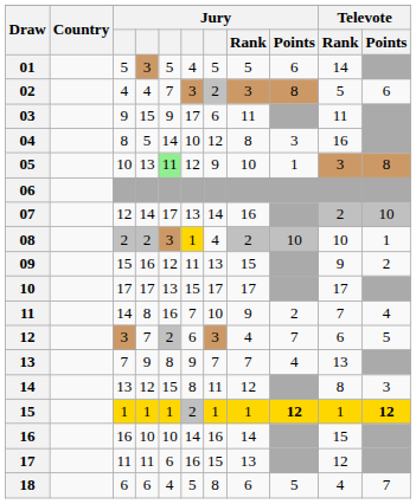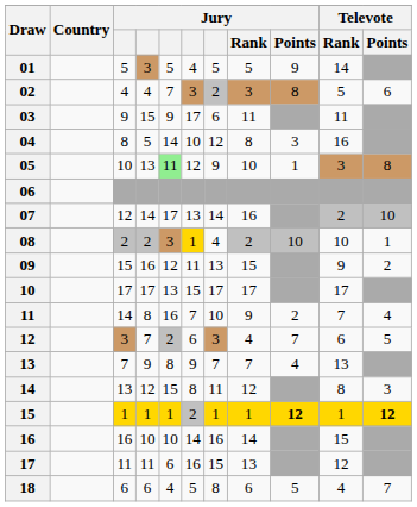 <table class="sortable wikitable collapsible plainrowheaders" style="text-align:center;">
 <tr>
 </tr>
 <tr>
 <th scope="col" rowspan="2">Draw</th>
 <th scope="col" rowspan="2">Country</th>
 <th scope="col" colspan="7">Jury</th>
 <th scope="col" colspan="2">Televote</th>
 </tr>
 <tr>
 <th scope="col"><small></small></th>
 <th scope="col"><small></small></th>
 <th scope="col"><small></small></th>
 <th scope="col"><small></small></th>
 <th scope="col"><small></small></th>
 <th scope="col">Rank</th>
 <th scope="col">Points</th>
 <th scope="col">Rank</th>
 <th scope="col">Points</th>
 </tr>
 <tr>
 <th scope="row" style="text-align:center;">01</th>
 <td style="text-align:left;"></td>
 <td>5</td>
 <td style="background:#CC9966;">3</td>
 <td>5</td>
 <td>4</td>
 <td>5</td>
 <td>5</td>
-<td>6</td>
+<td>9</td>
 <td>14</td>
 <td style="background:#AAAAAA;"></td>
 </tr>
 <tr>
 <th scope="row" style="text-align:center;">02</th>
 <td style="text-align:left;"></td>
 <td>4</td>
 <td>4</td>
 <td>7</td>
 <td style="background:#CC9966;">3</td>
 <td style="background:silver;">2</td>
 <td style="background:#CC9966;">3</td>
 <td style="background:#CC9966;">8</td>
 <td>5</td>
 <td>6</td>
 </tr>
 <tr>
 <th scope="row" style="text-align:center;">03</th>
 <td style="text-align:left;"></td>
 <td>9</td>
 <td>15</td>
 <td>9</td>
 <td>17</td>
 <td>6</td>
 <td>11</td>
 <td style="background:#AAAAAA;"></td>
 <td>11</td>
 <td style="background:#AAAAAA;"></td>
 </tr>
 <tr>
 <th scope="row" style="text-align:center;">04</th>
 <td style="text-align:left;"></td>
 <td>8</td>
 <td>5</td>
 <td>14</td>
 <td>10</td>
 <td>12</td>
 <td>8</td>
 <td>3</td>
 <td>16</td>
 <td style="background:#AAAAAA;"></td>
 </tr>
 <tr>
 <th scope="row" style="text-align:center;">05</th>
 <td style="text-align:left;"></td>
 <td>10</td>
 <td>13</td>
 <td style="background: lightgreen;">11</td>
 <td>12</td>
 <td>9</td>
 <td>10</td>
 <td>1</td>
 <td style="background:#CC9966;">3</td>
 <td style="background:#CC9966;">8</td>
 </tr>
 <tr class="sortbottom">
 <th scope="row" style="text-align:center;">06</th>
 <td style="text-align:left;"></td>
 <td style="background:#AAAAAA;"></td>
 <td style="background:#AAAAAA;"></td>
 <td style="background:#AAAAAA;"></td>
 <td style="background:#AAAAAA;"></td>
 <td style="background:#AAAAAA;"></td>
 <td style="background:#AAAAAA;"></td>
 <td style="background:#AAAAAA;"></td>
 <td style="background:#AAAAAA;"></td>
 <td style="background:#AAAAAA;"></td>
 </tr>
 <tr>
 <th scope="row" style="text-align:center;">07</th>
 <td style="text-align:left;"></td>
 <td>12</td>
 <td>14</td>
 <td>17</td>
 <td>13</td>
 <td>14</td>
 <td>16</td>
 <td style="background:#AAAAAA;"></td>
 <td style="background:silver;">2</td>
 <td style="background:silver;">10</td>
 </tr>
 <tr>
 <th scope="row" style="text-align:center;">08</th>
 <td style="text-align:left;"></td>
 <td style="background:silver;">2</td>
 <td style="background:silver;">2</td>
 <td style="background:#CC9966;">3</td>
 <td style="background:gold;">1</td>
 <td>4</td>
 <td style="background:silver;">2</td>
 <td style="background:silver;">10</td>
 <td>10</td>
 <td>1</td>
 </tr>
 <tr>
 <th scope="row" style="text-align:center;">09</th>
 <td style="text-align:left;"></td>
 <td>15</td>
 <td>16</td>
 <td>12</td>
 <td>11</td>
 <td>13</td>
 <td>15</td>
 <td style="background:#AAAAAA;"></td>
 <td>9</td>
 <td>2</td>
 </tr>
 <tr>
 <th scope="row" style="text-align:center;">10</th>
 <td style="text-align:left;"></td>
 <td>17</td>
 <td>17</td>
 <td>13</td>
 <td>15</td>
 <td>17</td>
 <td>17</td>
 <td style="background:#AAAAAA;"></td>
 <td>17</td>
 <td style="background:#AAAAAA;"></td>
 </tr>
 <tr>
 <th scope="row" style="text-align:center;">11</th>
 <td style="text-align:left;"></td>
 <td>14</td>
 <td>8</td>
 <td>16</td>
 <td>7</td>
 <td>10</td>
 <td>9</td>
 <td>2</td>
 <td>7</td>
 <td>4</td>
 </tr>
 <tr>
 <th scope="row" style="text-align:center;">12</th>
 <td style="text-align:left;"></td>
 <td style="background:#CC9966;">3</td>
 <td>7</td>
 <td style="background:silver;">2</td>
 <td>6</td>
 <td style="background:#CC9966;">3</td>
 <td>4</td>
 <td>7</td>
 <td>6</td>
 <td>5</td>
 </tr>
 <tr>
 <th scope="row" style="text-align:center;">13</th>
 <td style="text-align:left;"></td>
 <td>7</td>
 <td>9</td>
 <td>8</td>
 <td>9</td>
 <td>7</td>
 <td>7</td>
 <td>4</td>
 <td>13</td>
 <td style="background:#AAAAAA;"></td>
 </tr>
 <tr>
 <th scope="row" style="text-align:center;">14</th>
 <td style="text-align:left;"></td>
 <td>13</td>
 <td>12</td>
 <td>15</td>
 <td>8</td>
 <td>11</td>
 <td>12</td>
 <td style="background:#AAAAAA;"></td>
 <td>8</td>
 <td>3</td>
 </tr>
 <tr>
 <th scope="row" style="text-align:center;">15</th>
 <td style="text-align:left;"></td>
 <td style="background:gold;">1</td>
 <td style="background:gold;">1</td>
 <td style="background:gold;">1</td>
 <td style="background:silver;">2</td>
 <td style="background:gold;">1</td>
 <td style="background:gold;">1</td>
 <td style="background:gold;"><strong>12</strong></td>
 <td style="background:gold;">1</td>
 <td style="background:gold;"><strong>12</strong></td>
 </tr>
 <tr>
 <th scope="row" style="text-align:center;">16</th>
 <td style="text-align:left;"></td>
 <td>16</td>
 <td>10</td>
 <td>10</td>
 <td>14</td>
 <td>16</td>
 <td>14</td>
 <td style="background:#AAAAAA;"></td>
 <td>15</td>
 <td style="background:#AAAAAA;"></td>
 </tr>
 <tr>
 <th scope="row" style="text-align:center;">17</th>
 <td style="text-align:left;"></td>
 <td>11</td>
 <td>11</td>
 <td>6</td>
 <td>16</td>
 <td>15</td>
 <td>13</td>
 <td style="background:#AAAAAA;"></td>
 <td>12</td>
 <td style="background:#AAAAAA;"></td>
 </tr>
 <tr>
 <th scope="row" style="text-align:center;">18</th>
 <td style="text-align:left;"></td>
 <td>6</td>
 <td>6</td>
 <td>4</td>
 <td>5</td>
 <td>8</td>
 <td>6</td>
 <td>5</td>
 <td>4</td>
 <td>7</td>
 </tr>
 </table>
